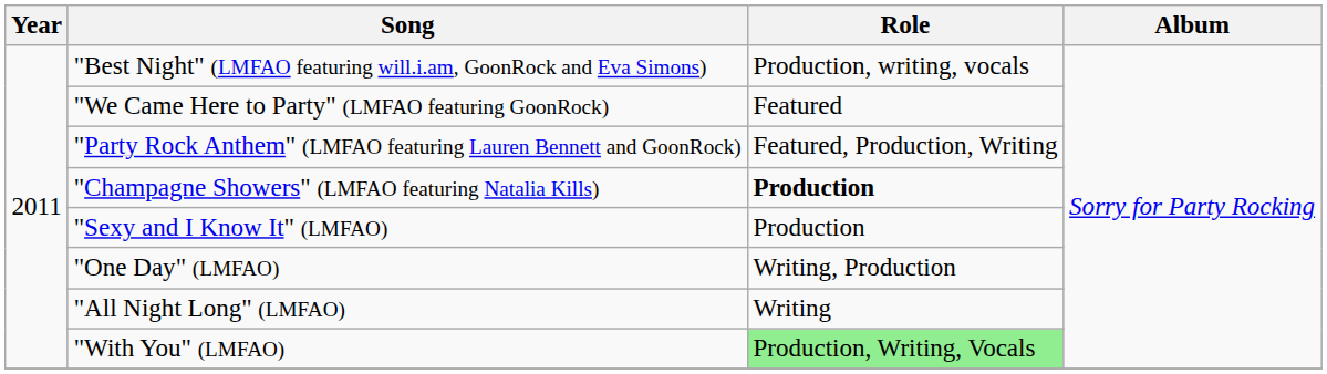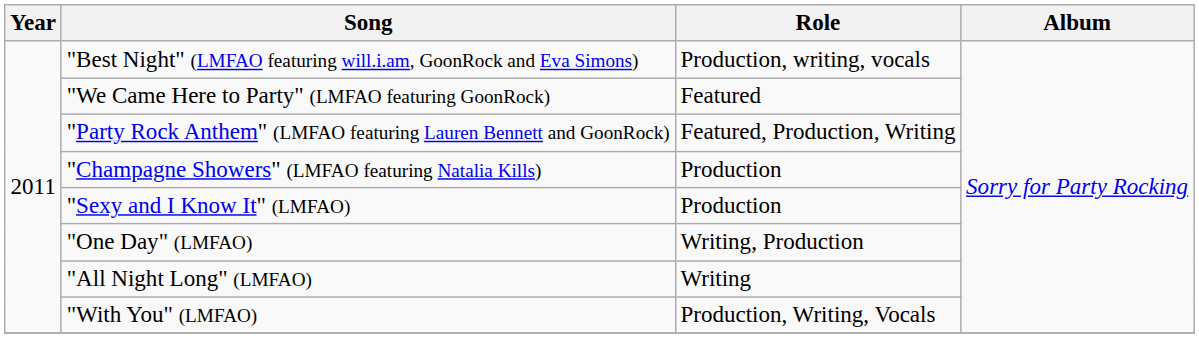 <table class="wikitable">
 <tr>
 <th scope="col">Year</th>
 <th scope="col">Song</th>
 <th scope="col">Role</th>
 <th scope="col">Album</th>
 </tr>
 <tr>
 <td style="text-align:center;" rowspan="8">2011</td>
 <td>"Best Night" <small>(<a href='#'>LMFAO</a> featuring <a href='#'>will.i.am</a>, GoonRock and <a href='#'>Eva Simons</a>)</small></td>
 <td>Production, writing, vocals</td>
 <td style="text-align:center;" rowspan="8"><em><a href='#'>Sorry for Party Rocking</a></em></td>
 </tr>
 <tr>
 <td>"We Came Here to Party" <small>(LMFAO featuring GoonRock)</small></td>
 <td>Featured</td>
 </tr>
 <tr>
 <td>"<a href='#'>Party Rock Anthem</a>" <small>(LMFAO featuring <a href='#'>Lauren Bennett</a> and GoonRock)</small></td>
 <td>Featured, Production, Writing</td>
 </tr>
 <tr>
 <td>"<a href='#'>Champagne Showers</a>" <small>(LMFAO featuring <a href='#'>Natalia Kills</a>)</small></td>
-<td><strong>Production</strong></td>
+<td>Production</td>
 </tr>
 <tr>
 <td>"<a href='#'>Sexy and I Know It</a>" <small>(LMFAO)</small></td>
 <td>Production</td>
 </tr>
 <tr>
 <td>"One Day"  <small>(LMFAO)</small></td>
 <td>Writing, Production</td>
 </tr>
 <tr>
 <td>"All Night Long" <small>(LMFAO)</small></td>
 <td>Writing</td>
 </tr>
 <tr>
 <td>"With You" <small>(LMFAO)</small></td>
-<td style="background: lightgreen;">Production, Writing, Vocals</td>
+<td>Production, Writing, Vocals</td>
 </tr>
 <tr>
 </tr>
 </table>
